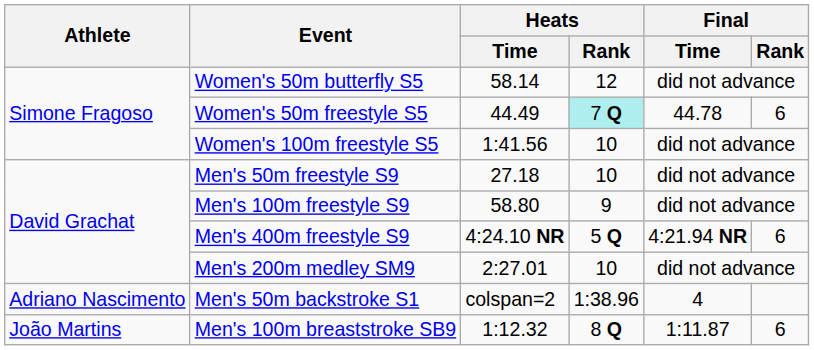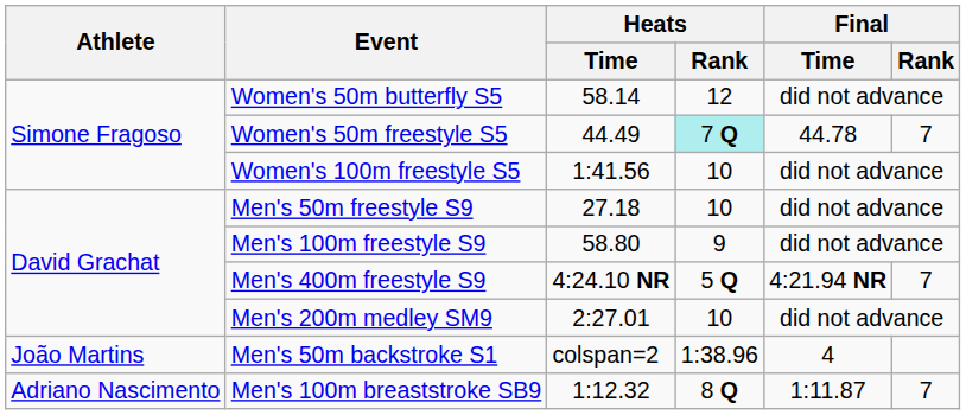 <table class=wikitable style="font-size:90%; white-space:nowrap;">
 <tr>
 <th rowspan=2>Athlete</th>
 <th rowspan=2>Event</th>
 <th colspan=2>Heats</th>
 <th colspan=2>Final</th>
 </tr>
 <tr>
 <th>Time</th>
 <th>Rank</th>
 <th>Time</th>
 <th>Rank</th>
 </tr>
 <tr>
 <td rowspan=3><a href='#'>Simone Fragoso</a></td>
 <td><a href='#'>Women's 50m butterfly S5</a></td>
 <td align=center>58.14</td>
 <td align=center>12</td>
 <td align=center colspan=2>did not advance</td>
 </tr>
 <tr>
 <td><a href='#'>Women's 50m freestyle S5</a></td>
 <td align=center>44.49</td>
 <td align=center style="background: paleturquoise;">7 <strong>Q</strong></td>
 <td align=center>44.78</td>
-<td align=center>6</td>
+<td align=center>7</td>
 </tr>
 <tr>
 <td><a href='#'>Women's 100m freestyle S5</a></td>
 <td align=center>1:41.56</td>
 <td align=center>10</td>
 <td align=center colspan=2>did not advance</td>
 </tr>
 <tr>
 <td rowspan=4><a href='#'>David Grachat</a></td>
 <td><a href='#'>Men's 50m freestyle S9</a></td>
 <td align=center>27.18</td>
 <td align=center>10</td>
 <td align=center colspan=2>did not advance</td>
 </tr>
 <tr>
 <td><a href='#'>Men's 100m freestyle S9</a></td>
 <td align=center>58.80</td>
 <td align=center>9</td>
 <td align=center colspan=2>did not advance</td>
 </tr>
 <tr>
 <td><a href='#'>Men's 400m freestyle S9</a></td>
 <td align=center>4:24.10 <strong>NR</strong></td>
 <td align=center>5 <strong>Q</strong></td>
 <td align=center>4:21.94 <strong>NR</strong></td>
-<td align=center>6</td>
+<td align=center>7</td>
 </tr>
 <tr>
 <td><a href='#'>Men's 200m medley SM9</a></td>
 <td align=center>2:27.01</td>
 <td align=center>10</td>
 <td align=center colspan=2>did not advance</td>
 </tr>
 <tr>
-<td><a href='#'>Adriano Nascimento</a></td>
+<td><a href='#'>João Martins</a></td>
 <td><a href='#'>Men's 50m backstroke S1</a></td>
 <td>colspan=2 </td>
 <td align=center>1:38.96</td>
 <td align=center>4</td>
 </tr>
 <tr>
-<td><a href='#'>João Martins</a></td>
+<td><a href='#'>Adriano Nascimento</a></td>
 <td><a href='#'>Men's 100m breaststroke SB9</a></td>
 <td align=center>1:12.32</td>
 <td align=center>8 <strong>Q</strong></td>
 <td align=center>1:11.87</td>
-<td align=center>6</td>
+<td align=center>7</td>
 </tr>
 </table>
